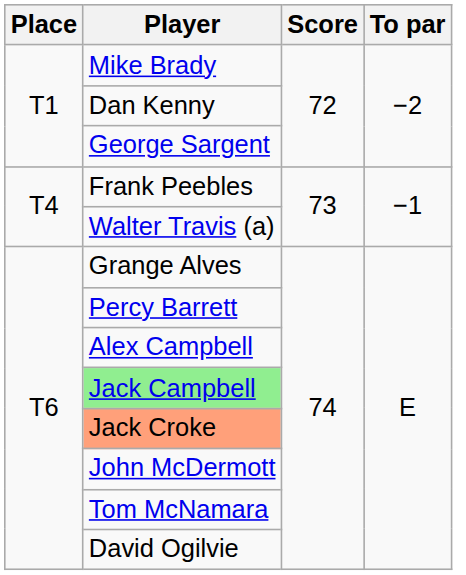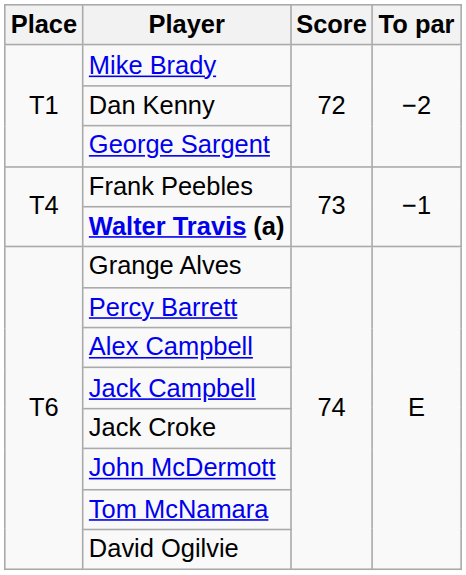 <table class=wikitable>
 <tr>
 <th>Place</th>
 <th>Player</th>
 <th>Score</th>
 <th>To par</th>
 </tr>
 <tr>
 <td rowspan=3 align=center>T1</td>
 <td> <a href='#'>Mike Brady</a></td>
 <td rowspan=3 align=center>72</td>
 <td rowspan=3 align=center>−2</td>
 </tr>
 <tr>
 <td> Dan Kenny</td>
 </tr>
 <tr>
 <td> <a href='#'>George Sargent</a></td>
 </tr>
 <tr>
 <td rowspan=2 align=center>T4</td>
 <td> Frank Peebles</td>
 <td rowspan=2 align=center>73</td>
 <td rowspan=2 align=center>−1</td>
 </tr>
 <tr>
-<td> <a href='#'>Walter Travis</a> (a)</td>
+<td><strong> <a href='#'>Walter Travis</a> (a)</strong></td>
 </tr>
 <tr>
 <td rowspan=8 align=center>T6</td>
 <td> Grange Alves </td>
 <td rowspan=8 align=center>74</td>
 <td rowspan=8 align=center>E</td>
 </tr>
 <tr>
 <td> <a href='#'>Percy Barrett</a><br></td>
 </tr>
 <tr>
 <td> <a href='#'>Alex Campbell</a></td>
 </tr>
 <tr>
-<td style="background: lightgreen;"> <a href='#'>Jack Campbell</a></td>
+<td> <a href='#'>Jack Campbell</a></td>
 </tr>
 <tr>
-<td style="background: lightsalmon;"> Jack Croke</td>
+<td> Jack Croke</td>
 </tr>
 <tr>
 <td> <a href='#'>John McDermott</a></td>
 </tr>
 <tr>
 <td> <a href='#'>Tom McNamara</a></td>
 </tr>
 <tr>
 <td> David Ogilvie  </td>
 </tr>
 </table>
